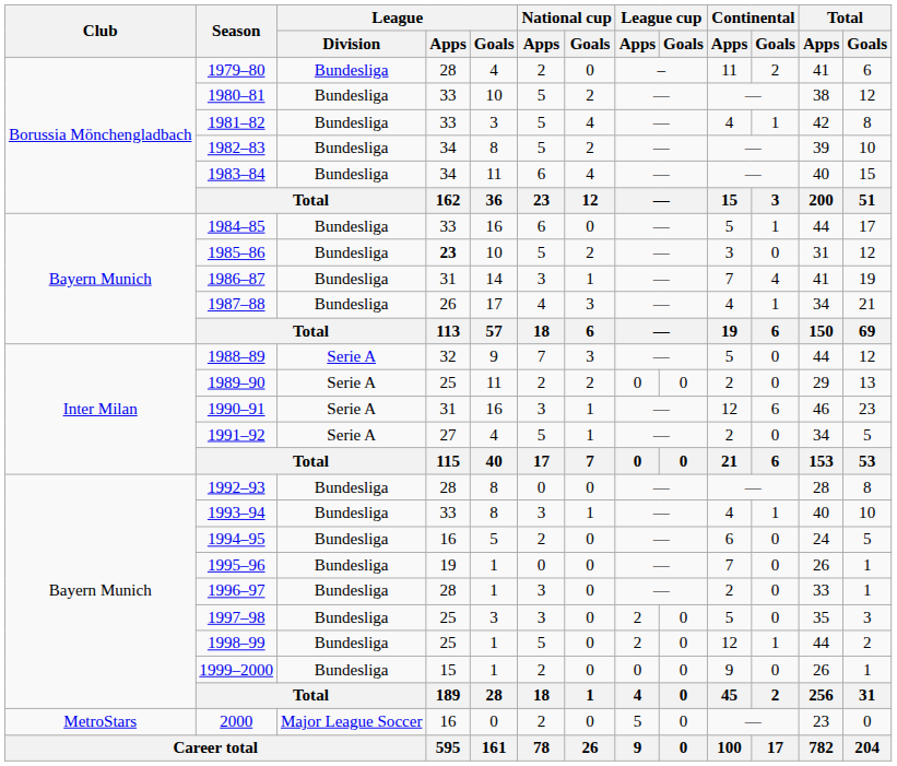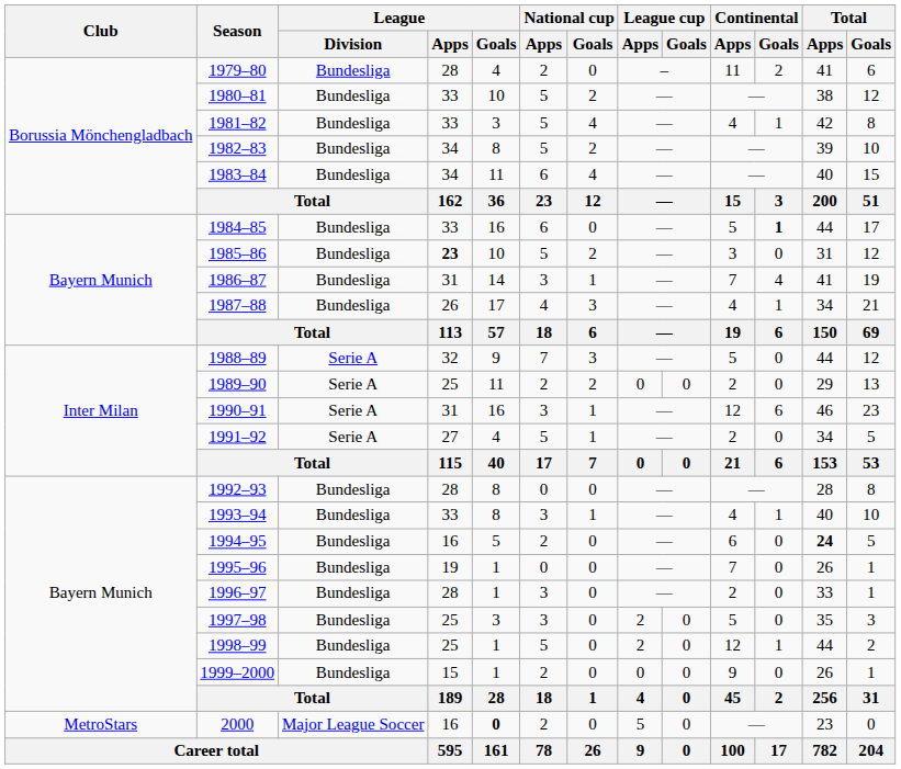 <table class=wikitable style=text-align:center>
 <tr>
 <th rowspan="2">Club</th>
 <th rowspan="2">Season</th>
 <th colspan="3">League</th>
 <th colspan="2">National cup</th>
 <th colspan="2">League cup</th>
 <th colspan="2">Continental</th>
 <th colspan="2">Total</th>
 </tr>
 <tr>
 <th>Division</th>
 <th>Apps</th>
 <th>Goals</th>
 <th>Apps</th>
 <th>Goals</th>
 <th>Apps</th>
 <th>Goals</th>
 <th>Apps</th>
 <th>Goals</th>
 <th>Apps</th>
 <th>Goals</th>
 </tr>
 <tr>
 <td rowspan="6"><a href='#'>Borussia Mönchengladbach</a></td>
 <td><a href='#'>1979–80</a></td>
 <td><a href='#'>Bundesliga</a></td>
 <td>28</td>
 <td>4</td>
 <td>2</td>
 <td>0</td>
 <td colspan="2">–</td>
 <td>11</td>
 <td>2</td>
 <td>41</td>
 <td>6</td>
 </tr>
 <tr>
 <td><a href='#'>1980–81</a></td>
 <td>Bundesliga</td>
 <td>33</td>
 <td>10</td>
 <td>5</td>
 <td>2</td>
 <td colspan="2">—</td>
 <td colspan="2">—</td>
 <td>38</td>
 <td>12</td>
 </tr>
 <tr>
 <td><a href='#'>1981–82</a></td>
 <td>Bundesliga</td>
 <td>33</td>
 <td>3</td>
 <td>5</td>
 <td>4</td>
 <td colspan="2">—</td>
 <td>4</td>
 <td>1</td>
 <td>42</td>
 <td>8</td>
 </tr>
 <tr>
 <td><a href='#'>1982–83</a></td>
 <td>Bundesliga</td>
 <td>34</td>
 <td>8</td>
 <td>5</td>
 <td>2</td>
 <td colspan="2">—</td>
 <td colspan="2">—</td>
 <td>39</td>
 <td>10</td>
 </tr>
 <tr>
 <td><a href='#'>1983–84</a></td>
 <td>Bundesliga</td>
 <td>34</td>
 <td>11</td>
 <td>6</td>
 <td>4</td>
 <td colspan="2">—</td>
 <td colspan="2">—</td>
 <td>40</td>
 <td>15</td>
 </tr>
 <tr>
 <th colspan="2">Total</th>
 <th>162</th>
 <th>36</th>
 <th>23</th>
 <th>12</th>
 <th colspan="2">—</th>
 <th>15</th>
 <th>3</th>
 <th>200</th>
 <th>51</th>
 </tr>
 <tr>
 <td rowspan="5"><a href='#'>Bayern Munich</a></td>
 <td><a href='#'>1984–85</a></td>
 <td>Bundesliga</td>
 <td>33</td>
 <td>16</td>
 <td>6</td>
 <td>0</td>
 <td colspan="2">—</td>
 <td>5</td>
-<td>1</td>
+<td><strong>1</strong></td>
 <td>44</td>
 <td>17</td>
 </tr>
 <tr>
 <td><a href='#'>1985–86</a></td>
 <td>Bundesliga</td>
 <td><strong>23</strong></td>
 <td>10</td>
 <td>5</td>
 <td>2</td>
 <td colspan="2">—</td>
 <td>3</td>
 <td>0</td>
 <td>31</td>
 <td>12</td>
 </tr>
 <tr>
 <td><a href='#'>1986–87</a></td>
 <td>Bundesliga</td>
 <td>31</td>
 <td>14</td>
 <td>3</td>
 <td>1</td>
 <td colspan="2">—</td>
 <td>7</td>
 <td>4</td>
 <td>41</td>
 <td>19</td>
 </tr>
 <tr>
 <td><a href='#'>1987–88</a></td>
 <td>Bundesliga</td>
 <td>26</td>
 <td>17</td>
 <td>4</td>
 <td>3</td>
 <td colspan="2">—</td>
 <td>4</td>
 <td>1</td>
 <td>34</td>
 <td>21</td>
 </tr>
 <tr>
 <th colspan="2">Total</th>
 <th>113</th>
 <th>57</th>
 <th>18</th>
 <th>6</th>
 <th colspan="2">—</th>
 <th>19</th>
 <th>6</th>
 <th>150</th>
 <th>69</th>
 </tr>
 <tr>
 <td rowspan="5"><a href='#'>Inter Milan</a></td>
 <td><a href='#'>1988–89</a></td>
 <td><a href='#'>Serie A</a></td>
 <td>32</td>
 <td>9</td>
 <td>7</td>
 <td>3</td>
 <td colspan="2">—</td>
 <td>5</td>
 <td>0</td>
 <td>44</td>
 <td>12</td>
 </tr>
 <tr>
 <td><a href='#'>1989–90</a></td>
 <td>Serie A</td>
 <td>25</td>
 <td>11</td>
 <td>2</td>
 <td>2</td>
 <td>0</td>
 <td>0</td>
 <td>2</td>
 <td>0</td>
 <td>29</td>
 <td>13</td>
 </tr>
 <tr>
 <td><a href='#'>1990–91</a></td>
 <td>Serie A</td>
 <td>31</td>
 <td>16</td>
 <td>3</td>
 <td>1</td>
 <td colspan="2">—</td>
 <td>12</td>
 <td>6</td>
 <td>46</td>
 <td>23</td>
 </tr>
 <tr>
 <td><a href='#'>1991–92</a></td>
 <td>Serie A</td>
 <td>27</td>
 <td>4</td>
 <td>5</td>
 <td>1</td>
 <td colspan="2">—</td>
 <td>2</td>
 <td>0</td>
 <td>34</td>
 <td>5</td>
 </tr>
 <tr>
 <th colspan="2">Total</th>
 <th>115</th>
 <th>40</th>
 <th>17</th>
 <th>7</th>
 <th>0</th>
 <th>0</th>
 <th>21</th>
 <th>6</th>
 <th>153</th>
 <th>53</th>
 </tr>
 <tr>
 <td rowspan="9">Bayern Munich</td>
 <td><a href='#'>1992–93</a></td>
 <td>Bundesliga</td>
 <td>28</td>
 <td>8</td>
 <td>0</td>
 <td>0</td>
 <td colspan="2">—</td>
 <td colspan="2">—</td>
 <td>28</td>
 <td>8</td>
 </tr>
 <tr>
 <td><a href='#'>1993–94</a></td>
 <td>Bundesliga</td>
 <td>33</td>
 <td>8</td>
 <td>3</td>
 <td>1</td>
 <td colspan="2">—</td>
 <td>4</td>
 <td>1</td>
 <td>40</td>
 <td>10</td>
 </tr>
 <tr>
 <td><a href='#'>1994–95</a></td>
 <td>Bundesliga</td>
 <td>16</td>
 <td>5</td>
 <td>2</td>
 <td>0</td>
 <td colspan="2">—</td>
 <td>6</td>
 <td>0</td>
-<td>24</td>
+<td><strong>24</strong></td>
 <td>5</td>
 </tr>
 <tr>
 <td><a href='#'>1995–96</a></td>
 <td>Bundesliga</td>
 <td>19</td>
 <td>1</td>
 <td>0</td>
 <td>0</td>
 <td colspan="2">—</td>
 <td>7</td>
 <td>0</td>
 <td>26</td>
 <td>1</td>
 </tr>
 <tr>
 <td><a href='#'>1996–97</a></td>
 <td>Bundesliga</td>
 <td>28</td>
 <td>1</td>
 <td>3</td>
 <td>0</td>
 <td colspan="2">—</td>
 <td>2</td>
 <td>0</td>
 <td>33</td>
 <td>1</td>
 </tr>
 <tr>
 <td><a href='#'>1997–98</a></td>
 <td>Bundesliga</td>
 <td>25</td>
 <td>3</td>
 <td>3</td>
 <td>0</td>
 <td>2</td>
 <td>0</td>
 <td>5</td>
 <td>0</td>
 <td>35</td>
 <td>3</td>
 </tr>
 <tr>
 <td><a href='#'>1998–99</a></td>
 <td>Bundesliga</td>
 <td>25</td>
 <td>1</td>
 <td>5</td>
 <td>0</td>
 <td>2</td>
 <td>0</td>
 <td>12</td>
 <td>1</td>
 <td>44</td>
 <td>2</td>
 </tr>
 <tr>
 <td><a href='#'>1999–2000</a></td>
 <td>Bundesliga</td>
 <td>15</td>
 <td>1</td>
 <td>2</td>
 <td>0</td>
 <td>0</td>
 <td>0</td>
 <td>9</td>
 <td>0</td>
 <td>26</td>
 <td>1</td>
 </tr>
 <tr>
 <th colspan="2">Total</th>
 <th>189</th>
 <th>28</th>
 <th>18</th>
 <th>1</th>
 <th>4</th>
 <th>0</th>
 <th>45</th>
 <th>2</th>
 <th>256</th>
 <th>31</th>
 </tr>
 <tr>
 <td><a href='#'>MetroStars</a></td>
 <td><a href='#'>2000</a></td>
 <td><a href='#'>Major League Soccer</a></td>
 <td>16</td>
-<td>0</td>
+<td><strong>0</strong></td>
 <td>2</td>
 <td>0</td>
 <td>5</td>
 <td>0</td>
 <td colspan="2">—</td>
 <td>23</td>
 <td>0</td>
 </tr>
 <tr>
 <th colspan="3">Career total</th>
 <th>595</th>
 <th>161</th>
 <th>78</th>
 <th>26</th>
 <th>9</th>
 <th>0</th>
 <th>100</th>
 <th>17</th>
 <th>782</th>
 <th>204</th>
 </tr>
 </table>
